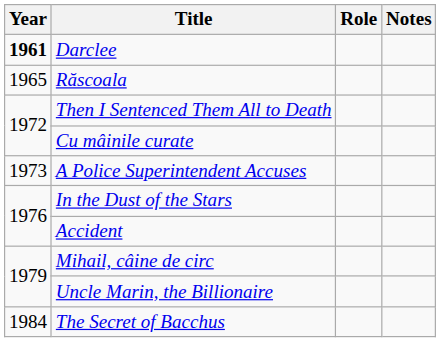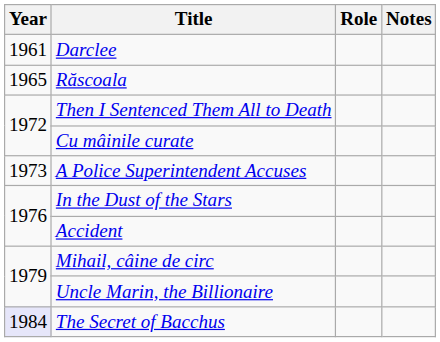 <table class="wikitable sortable">
 <tr>
 <th>Year</th>
 <th>Title</th>
 <th>Role</th>
 <th class="unsortable">Notes</th>
 </tr>
 <tr>
-<td><strong>1961</strong></td>
+<td>1961</td>
 <td><em><a href='#'>Darclee</a></em></td>
 <td></td>
 <td></td>
 </tr>
 <tr>
 <td>1965</td>
 <td><em><a href='#'>Răscoala</a></em></td>
 <td></td>
 <td></td>
 </tr>
 <tr>
 <td rowspan=2>1972</td>
 <td><em><a href='#'>Then I Sentenced Them All to Death</a></em></td>
 <td></td>
 <td></td>
 </tr>
 <tr>
 <td><em><a href='#'>Cu mâinile curate</a></em></td>
 <td></td>
 <td></td>
 </tr>
 <tr>
 <td>1973</td>
 <td><em><a href='#'>A Police Superintendent Accuses</a></em></td>
 <td></td>
 <td></td>
 </tr>
 <tr>
 <td rowspan=2>1976</td>
 <td><em><a href='#'>In the Dust of the Stars</a></em></td>
 <td></td>
 <td></td>
 </tr>
 <tr>
 <td><em><a href='#'>Accident</a></em></td>
 <td></td>
 <td></td>
 </tr>
 <tr>
 <td rowspan=2>1979</td>
 <td><em><a href='#'>Mihail, câine de circ</a></em></td>
 <td></td>
 <td></td>
 </tr>
 <tr>
 <td><em><a href='#'>Uncle Marin, the Billionaire</a></em></td>
 <td></td>
 <td></td>
 </tr>
 <tr>
-<td>1984</td>
+<td style="background: lavender;">1984</td>
 <td><em><a href='#'>The Secret of Bacchus</a></em></td>
 <td></td>
 <td></td>
 </tr>
 </table>
